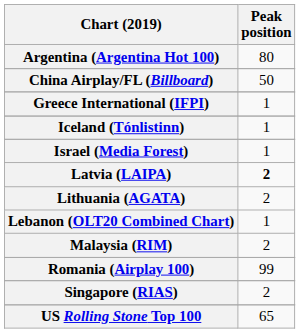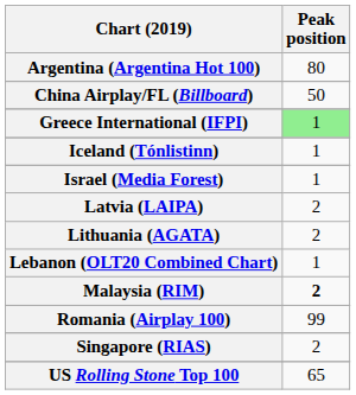 <table class="wikitable sortable plainrowheaders" style="text-align:center">
 <tr>
 <th scope="col">Chart (2019)</th>
 <th scope="col">Peak<br> position</th>
 </tr>
 <tr>
 <th scope="row">Argentina (<a href='#'>Argentina Hot 100</a>)</th>
 <td>80</td>
 </tr>
 <tr>
 </tr>
 <tr>
 </tr>
 <tr>
 </tr>
 <tr>
 </tr>
 <tr>
 </tr>
 <tr>
 </tr>
 <tr>
 </tr>
 <tr>
 <th scope="row">China Airplay/FL (<em><a href='#'>Billboard</a></em>)</th>
 <td>50</td>
 </tr>
 <tr>
 </tr>
 <tr>
 </tr>
 <tr>
 </tr>
 <tr>
 </tr>
 <tr>
 </tr>
 <tr>
 <th scope="row">Greece International (<a href='#'>IFPI</a>)</th>
-<td>1</td>
+<td style="background: lightgreen;">1</td>
 </tr>
 <tr>
 </tr>
 <tr>
 </tr>
 <tr>
 <th scope="row">Iceland (<a href='#'>Tónlistinn</a>)</th>
 <td>1</td>
 </tr>
 <tr>
 </tr>
 <tr>
 </tr>
 <tr>
 <th scope="row">Israel (<a href='#'>Media Forest</a>)</th>
 <td>1</td>
 </tr>
 <tr>
 <th scope="row">Latvia (<a href='#'>LAIPA</a>)</th>
-<td><strong>2</strong></td>
+<td>2</td>
 </tr>
 <tr>
 <th scope="row">Lithuania (<a href='#'>AGATA</a>)</th>
 <td>2</td>
 </tr>
 <tr>
 <th scope="row">Lebanon (<a href='#'>OLT20 Combined Chart</a>)</th>
 <td>1</td>
 </tr>
 <tr>
 <th scope="row">Malaysia (<a href='#'>RIM</a>)</th>
-<td>2</td>
+<td><strong>2</strong></td>
 </tr>
 <tr>
 </tr>
 <tr>
 </tr>
 <tr>
 </tr>
 <tr>
 </tr>
 <tr>
 <th scope="row">Romania (<a href='#'>Airplay 100</a>)</th>
 <td>99</td>
 </tr>
 <tr>
 </tr>
 <tr>
 <th scope="row">Singapore (<a href='#'>RIAS</a>)</th>
 <td>2</td>
 </tr>
 <tr>
 </tr>
 <tr>
 </tr>
 <tr>
 </tr>
 <tr>
 </tr>
 <tr>
 </tr>
 <tr>
 </tr>
 <tr>
 </tr>
 <tr>
 </tr>
 <tr>
 </tr>
 <tr>
 </tr>
 <tr>
 </tr>
 <tr>
 <th scope="row">US <a href='#'><em>Rolling Stone</em> Top 100</a></th>
 <td>65</td>
 </tr>
 </table>
